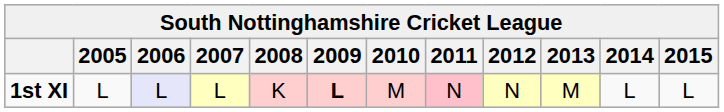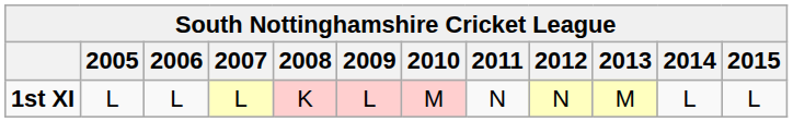 <table class="wikitable" style="font-size:85%">
 <tr>
 <td colspan=12; bgcolor="#f0f0f0"; style="text-align: center; font-weight: bold;">South Nottinghamshire Cricket League</td>
 </tr>
 <tr>
 <th></th>
 <th style="text-align: center; font-weight: bold;">2005</th>
 <th style="text-align: center; font-weight: bold;">2006</th>
 <th style="text-align: center; font-weight: bold;">2007</th>
 <th style="text-align: center; font-weight: bold;">2008</th>
 <th style="text-align: center; font-weight: bold;">2009</th>
 <th style="text-align: center; font-weight: bold;">2010</th>
 <th style="text-align: center; font-weight: bold;">2011</th>
 <th style="text-align: center; font-weight: bold;">2012</th>
 <th style="text-align: center; font-weight: bold;">2013</th>
 <th style="text-align: center; font-weight: bold;">2014</th>
 <th style="text-align: center; font-weight: bold;">2015</th>
 </tr>
 <tr>
 <td style="text-align: right; font-weight: bold;">1st XI</td>
 <td style="text-align: center;">L</td>
-<td style="background: lavender; text-align: center;">L</td>
+<td style="text-align: center;">L</td>
 <td bgcolor="#ffffbf" style="text-align: center;">L</td>
 <td bgcolor="#ffcfcf" style="text-align: center;">K</td>
-<td bgcolor="#ffcfcf" style="text-align: center;"><strong>L</strong></td>
+<td bgcolor="#ffcfcf" style="text-align: center;">L</td>
 <td bgcolor="#ffcfcf" style="text-align: center;">M</td>
-<td style="background: pink; text-align: center;">N</td>
+<td style="text-align: center;">N</td>
 <td bgcolor="#ffffbf" style="text-align: center;">N</td>
 <td bgcolor="#ffffbf" style="text-align: center;">M</td>
 <td style="text-align: center;">L</td>
 <td style="text-align: center;">L</td>
 </tr>
 </table>
